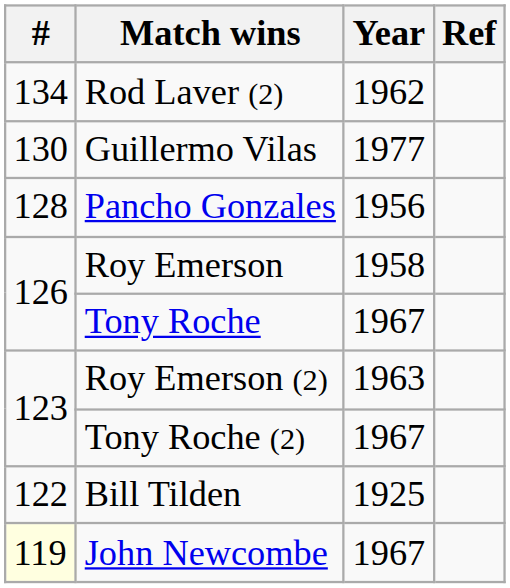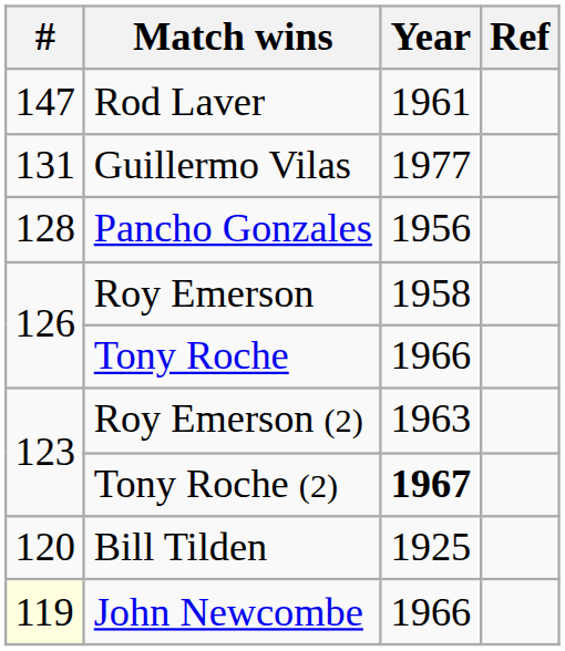 <table class=wikitable style="display:inline-table;">
 <tr>
 <th>#</th>
 <th>Match wins</th>
 <th>Year</th>
 <th>Ref</th>
 </tr>
 <tr>
-<td>134</td>
-<td> Rod Laver <small>(2) </small></td>
-<td>1962</td>
+<td>147</td>
+<td> Rod Laver</td>
+<td>1961</td>
 <td></td>
 </tr>
 <tr>
-<td>130</td>
+<td>131</td>
 <td> Guillermo Vilas</td>
 <td>1977</td>
 <td></td>
 </tr>
 <tr>
 <td>128</td>
 <td> <a href='#'>Pancho Gonzales</a></td>
 <td>1956</td>
 <td></td>
 </tr>
 <tr>
 <td rowspan="2">126</td>
 <td> Roy Emerson</td>
 <td>1958</td>
 <td></td>
 </tr>
 <tr>
 <td> <a href='#'>Tony Roche</a></td>
-<td>1967</td>
+<td>1966</td>
 <td></td>
 </tr>
 <tr>
 <td rowspan="2">123</td>
 <td> Roy Emerson <small>(2)</small></td>
 <td>1963</td>
 <td></td>
 </tr>
 <tr>
 <td> Tony Roche <small>(2)</small></td>
-<td>1967</td>
+<td><strong>1967</strong></td>
 <td></td>
 </tr>
 <tr>
-<td>122</td>
+<td>120</td>
 <td> Bill Tilden</td>
 <td>1925</td>
 <td></td>
 </tr>
 <tr>
 <td style="background: lightyellow;">119</td>
 <td> <a href='#'>John Newcombe</a></td>
-<td>1967</td>
+<td>1966</td>
 <td></td>
 </tr>
 </table>
